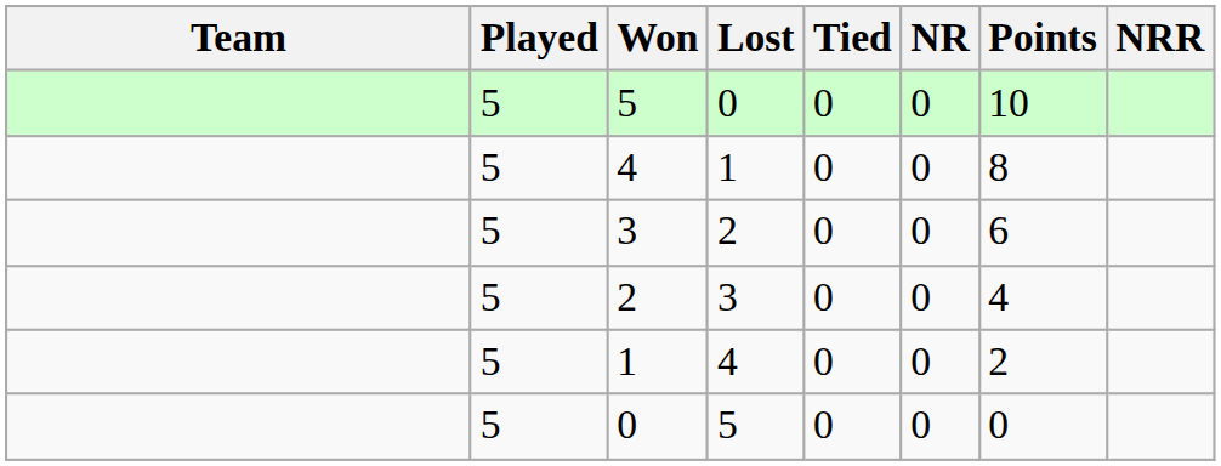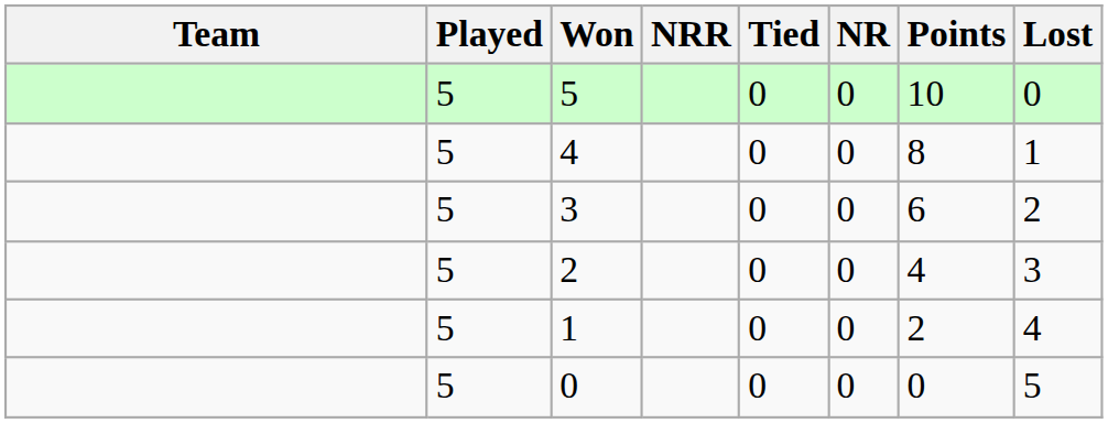 <table class="wikitable">
 <tr>
 <th width=175>Team</th>
 <th>Played</th>
 <th>Won</th>
-<th>Lost</th>
+<th>NRR</th>
 <th>Tied</th>
 <th>NR</th>
 <th>Points</th>
-<th>NRR</th>
+<th>Lost</th>
 </tr>
 <tr style="background:#ccffcc">
 <td></td>
 <td>5</td>
 <td>5</td>
-<td>0</td>
+<td></td>
 <td>0</td>
 <td>0</td>
 <td>10</td>
-<td></td>
+<td>0</td>
 </tr>
 <tr>
 <td></td>
 <td>5</td>
 <td>4</td>
-<td>1</td>
+<td></td>
 <td>0</td>
 <td>0</td>
 <td>8</td>
-<td></td>
+<td>1</td>
 </tr>
 <tr>
 <td></td>
 <td>5</td>
 <td>3</td>
-<td>2</td>
+<td></td>
 <td>0</td>
 <td>0</td>
 <td>6</td>
-<td></td>
+<td>2</td>
 </tr>
 <tr>
 <td></td>
 <td>5</td>
 <td>2</td>
-<td>3</td>
+<td></td>
 <td>0</td>
 <td>0</td>
 <td>4</td>
-<td></td>
+<td>3</td>
 </tr>
 <tr>
 <td></td>
 <td>5</td>
 <td>1</td>
-<td>4</td>
+<td></td>
 <td>0</td>
 <td>0</td>
 <td>2</td>
-<td></td>
+<td>4</td>
 </tr>
 <tr>
 <td></td>
 <td>5</td>
 <td>0</td>
-<td>5</td>
+<td></td>
 <td>0</td>
 <td>0</td>
 <td>0</td>
-<td></td>
+<td>5</td>
 </tr>
 </table>
